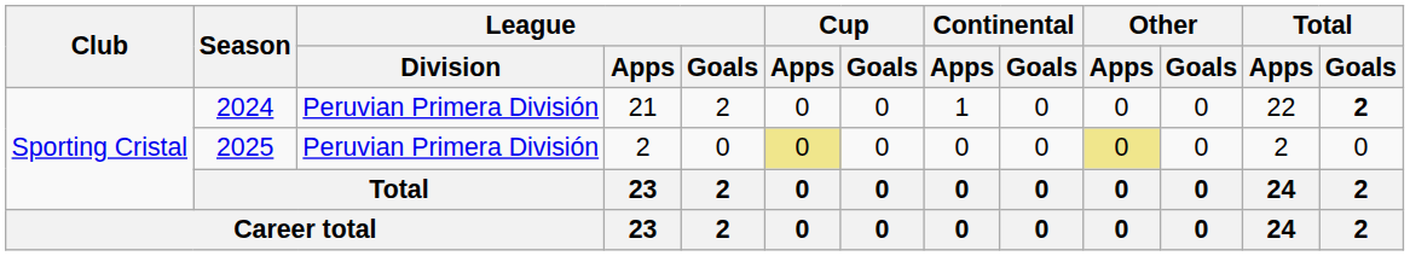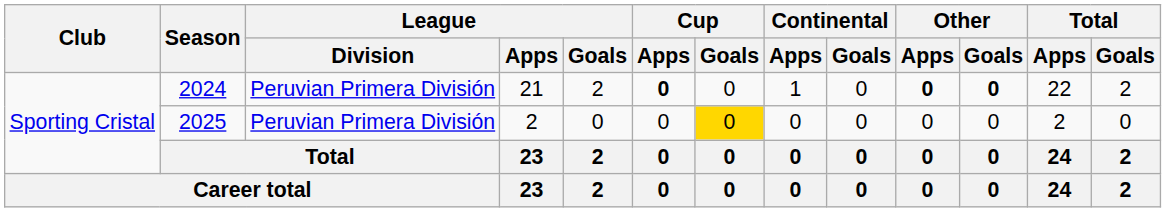 <table class="wikitable" style="text-align: center">
 <tr>
 <th rowspan="2">Club</th>
 <th rowspan="2">Season</th>
 <th colspan="3">League</th>
 <th colspan="2">Cup</th>
 <th colspan="2">Continental</th>
 <th colspan="2">Other</th>
 <th colspan="2">Total</th>
 </tr>
 <tr>
 <th>Division</th>
 <th>Apps</th>
 <th>Goals</th>
 <th>Apps</th>
 <th>Goals</th>
 <th>Apps</th>
 <th>Goals</th>
 <th>Apps</th>
 <th>Goals</th>
 <th>Apps</th>
 <th>Goals</th>
 </tr>
 <tr>
 <td rowspan="3"><a href='#'>Sporting Cristal</a></td>
 <td><a href='#'>2024</a></td>
 <td><a href='#'>Peruvian Primera División</a></td>
 <td>21</td>
 <td>2</td>
-<td>0</td>
+<td><strong>0</strong></td>
 <td>0</td>
 <td>1</td>
 <td>0</td>
-<td>0</td>
-<td>0</td>
+<td><strong>0</strong></td>
+<td><strong>0</strong></td>
 <td>22</td>
-<td><strong>2</strong></td>
+<td>2</td>
 </tr>
 <tr>
 <td><a href='#'>2025</a></td>
 <td><a href='#'>Peruvian Primera División</a></td>
 <td>2</td>
 <td>0</td>
-<td style="background: khaki;">0</td>
+<td>0</td>
+<td style="background: gold;">0</td>
 <td>0</td>
 <td>0</td>
 <td>0</td>
-<td style="background: khaki;">0</td>
 <td>0</td>
 <td>2</td>
 <td>0</td>
 </tr>
 <tr>
 <th colspan="2"><strong>Total</strong></th>
 <th>23</th>
 <th>2</th>
 <th>0</th>
 <th>0</th>
 <th>0</th>
 <th>0</th>
 <th>0</th>
 <th>0</th>
 <th>24</th>
 <th>2</th>
 </tr>
 <tr>
 <th colspan="3"><strong>Career total</strong></th>
 <th>23</th>
 <th>2</th>
 <th>0</th>
 <th>0</th>
 <th>0</th>
 <th>0</th>
 <th>0</th>
 <th>0</th>
 <th>24</th>
 <th>2</th>
 </tr>
 </table>
